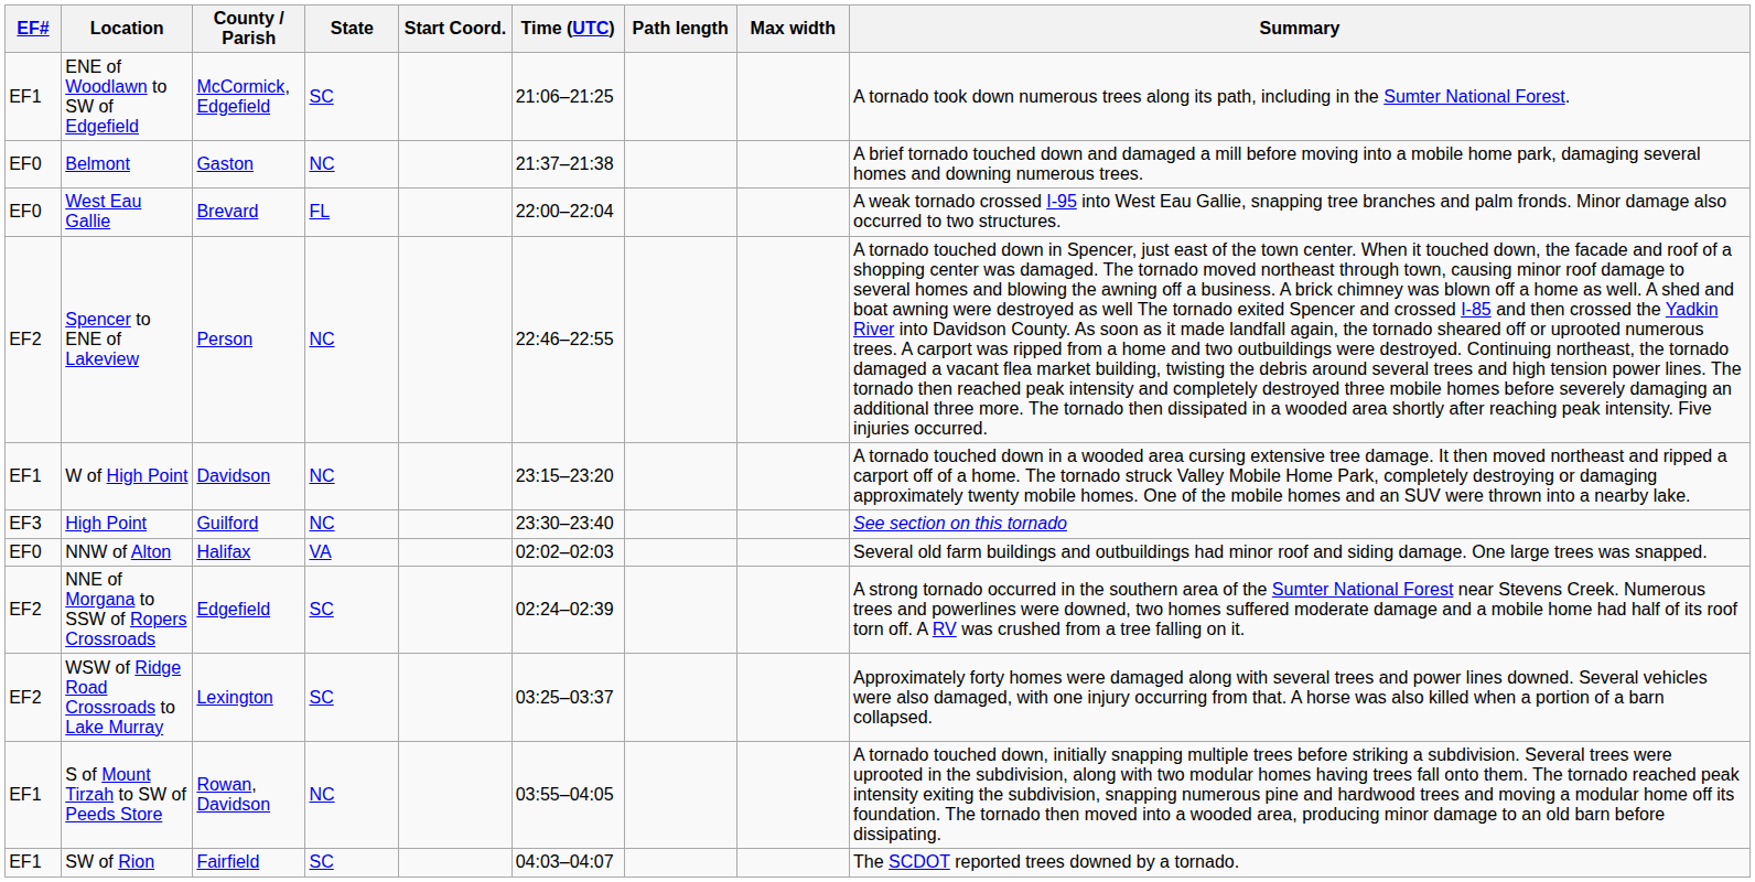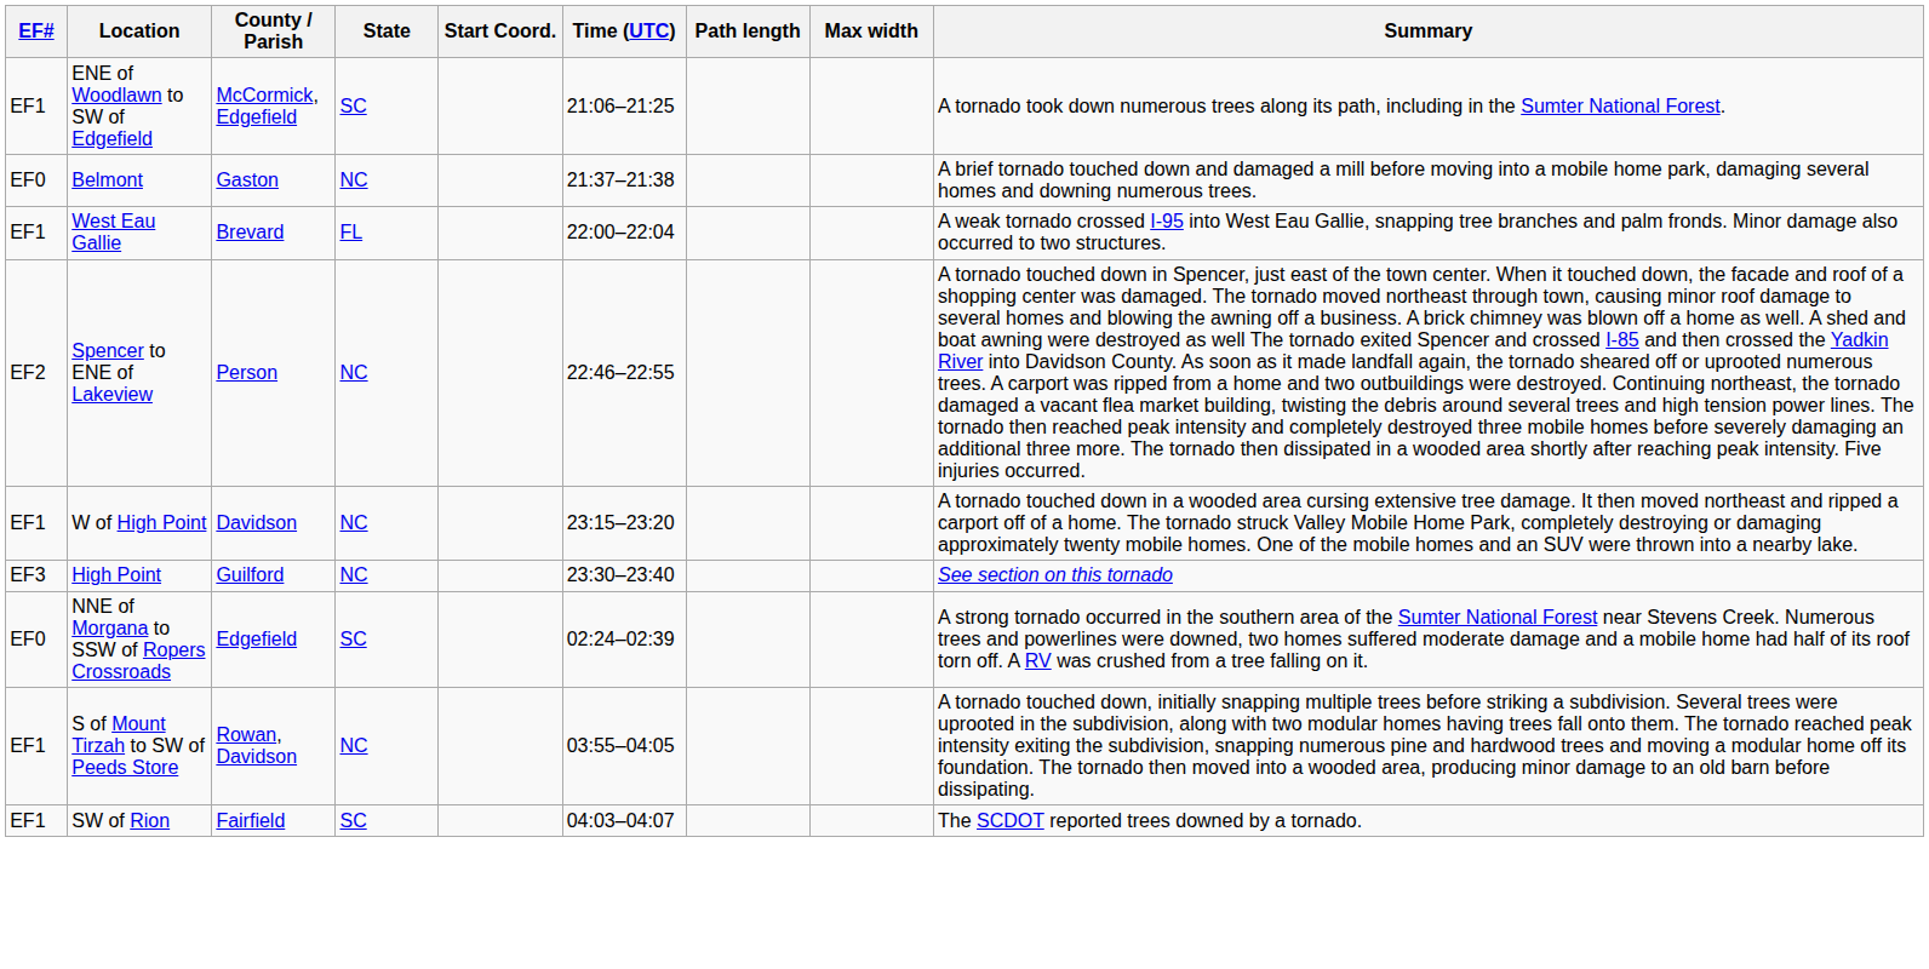 <table class="wikitable sortable" style="width:100%;">
 <tr>
 <th scope="col"  style="width:3%; text-align:center;"><a href='#'>EF#</a></th>
 <th scope="col"  style="width:7%; text-align:center;" class="unsortable">Location</th>
 <th scope="col"  style="width:6%; text-align:center;" class="unsortable">County / Parish</th>
 <th scope="col"  style="width:5%; text-align:center;">State</th>
 <th scope="col"  style="width:6%; text-align:center;">Start Coord.</th>
 <th scope="col"  style="width:6%; text-align:center;">Time (<a href='#'>UTC</a>)</th>
 <th scope="col"  style="width:6%; text-align:center;">Path length</th>
 <th scope="col"  style="width:6%; text-align:center;">Max width</th>
 <th scope="col" class="unsortable" style="width:48%; text-align:center;">Summary</th>
 </tr>
 <tr>
 <td>EF1</td>
 <td>ENE of <a href='#'>Woodlawn</a> to SW of <a href='#'>Edgefield</a></td>
 <td><a href='#'>McCormick</a>, <a href='#'>Edgefield</a></td>
 <td><a href='#'>SC</a></td>
 <td></td>
 <td>21:06–21:25</td>
 <td></td>
 <td></td>
 <td>A tornado took down numerous trees along its path, including in the <a href='#'>Sumter National Forest</a>.</td>
 </tr>
 <tr>
 <td>EF0</td>
 <td><a href='#'>Belmont</a></td>
 <td><a href='#'>Gaston</a></td>
 <td><a href='#'>NC</a></td>
 <td></td>
 <td>21:37–21:38</td>
 <td></td>
 <td></td>
 <td>A brief tornado touched down and damaged a mill before moving into a mobile home park, damaging several homes and downing numerous trees.</td>
 </tr>
 <tr>
-<td>EF0</td>
+<td>EF1</td>
 <td><a href='#'>West Eau Gallie</a></td>
 <td><a href='#'>Brevard</a></td>
 <td><a href='#'>FL</a></td>
 <td></td>
 <td>22:00–22:04</td>
 <td></td>
 <td></td>
 <td>A weak tornado crossed <a href='#'>I-95</a> into West Eau Gallie, snapping tree branches and palm fronds. Minor damage also occurred to two structures.</td>
 </tr>
 <tr>
 <td>EF2</td>
 <td><a href='#'>Spencer</a> to ENE of <a href='#'>Lakeview</a></td>
 <td><a href='#'>Person</a></td>
 <td><a href='#'>NC</a></td>
 <td></td>
 <td>22:46–22:55</td>
 <td></td>
 <td></td>
 <td>A tornado touched down in Spencer, just east of the town center. When it touched down, the facade and roof of a shopping center was damaged. The tornado moved northeast through town, causing minor roof damage to several homes and blowing the awning off a business. A brick chimney was blown off a home as well. A shed and boat awning were destroyed as well The tornado exited Spencer and crossed <a href='#'>I-85</a> and then crossed the <a href='#'>Yadkin River</a> into Davidson County. As soon as it made landfall again, the tornado sheared off or uprooted numerous trees. A carport was ripped from a home and two outbuildings were destroyed. Continuing northeast, the tornado damaged a vacant flea market building, twisting the debris around several trees and high tension power lines. The tornado then reached peak intensity and completely destroyed three mobile homes before severely damaging an additional three more. The tornado then dissipated in a wooded area shortly after reaching peak intensity. Five injuries occurred.</td>
 </tr>
 <tr>
 <td>EF1</td>
 <td>W of <a href='#'>High Point</a></td>
 <td><a href='#'>Davidson</a></td>
 <td><a href='#'>NC</a></td>
 <td></td>
 <td>23:15–23:20</td>
 <td></td>
 <td></td>
 <td>A tornado touched down in a wooded area cursing extensive tree damage. It then moved northeast and ripped a carport off of a home. The tornado struck Valley Mobile Home Park, completely destroying or damaging approximately twenty mobile homes. One of the mobile homes and an SUV were thrown into a nearby lake.</td>
 </tr>
 <tr>
 <td>EF3</td>
 <td><a href='#'>High Point</a></td>
 <td><a href='#'>Guilford</a></td>
 <td><a href='#'>NC</a></td>
 <td></td>
 <td>23:30–23:40</td>
 <td></td>
 <td></td>
 <td><em><a href='#'>See section on this tornado</a></em></td>
 </tr>
 <tr>
 <td>EF0</td>
-<td>NNW of <a href='#'>Alton</a></td>
-<td><a href='#'>Halifax</a></td>
-<td><a href='#'>VA</a></td>
-<td></td>
-<td>02:02–02:03</td>
-<td></td>
-<td></td>
-<td>Several old farm buildings and outbuildings had minor roof and siding damage. One large trees was snapped.</td>
-</tr>
-<tr>
-<td>EF2</td>
 <td>NNE of <a href='#'>Morgana</a> to SSW of <a href='#'>Ropers Crossroads</a></td>
 <td><a href='#'>Edgefield</a></td>
 <td><a href='#'>SC</a></td>
 <td></td>
 <td>02:24–02:39</td>
 <td></td>
 <td></td>
 <td>A strong tornado occurred in the southern area of the <a href='#'>Sumter National Forest</a> near Stevens Creek. Numerous trees and powerlines were downed, two homes suffered moderate damage and a mobile home had half of its roof torn off. A <a href='#'>RV</a> was crushed from a tree falling on it.</td>
-</tr>
-<tr>
-<td>EF2</td>
-<td>WSW of <a href='#'>Ridge Road Crossroads</a> to <a href='#'>Lake Murray</a></td>
-<td><a href='#'>Lexington</a></td>
-<td><a href='#'>SC</a></td>
-<td></td>
-<td>03:25–03:37</td>
-<td></td>
-<td></td>
-<td>Approximately forty homes were damaged along with several trees and power lines downed. Several vehicles were also damaged, with one injury occurring from that. A horse was also killed when a portion of a barn collapsed.</td>
 </tr>
 <tr>
 <td>EF1</td>
 <td>S of <a href='#'>Mount Tirzah</a> to SW of <a href='#'>Peeds Store</a></td>
 <td><a href='#'>Rowan</a>, <a href='#'>Davidson</a></td>
 <td><a href='#'>NC</a></td>
 <td></td>
 <td>03:55–04:05</td>
 <td></td>
 <td></td>
 <td>A tornado touched down, initially snapping multiple trees before striking a subdivision. Several trees were uprooted in the subdivision, along with two modular homes having trees fall onto them. The tornado reached peak intensity exiting the subdivision, snapping numerous pine and hardwood trees and moving a modular home off its foundation. The tornado then moved into a wooded area, producing minor damage to an old barn before dissipating.</td>
 </tr>
 <tr>
 <td>EF1</td>
 <td>SW of <a href='#'>Rion</a></td>
 <td><a href='#'>Fairfield</a></td>
 <td><a href='#'>SC</a></td>
 <td></td>
 <td>04:03–04:07</td>
 <td></td>
 <td></td>
 <td>The <a href='#'>SCDOT</a> reported trees downed by a tornado.</td>
 </tr>
 <tr>
 </tr>
 </table>
